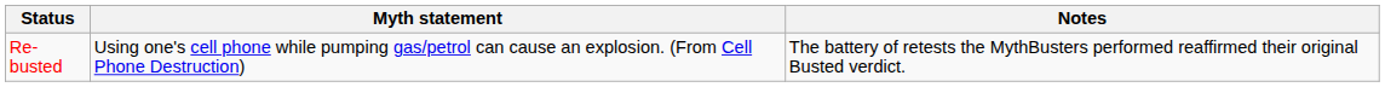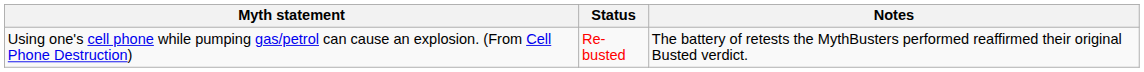 <table class="wikitable plainrowheaders">
 <tr>
+<th>Myth statement</th>
 <th>Status</th>
-<th>Myth statement</th>
 <th>Notes</th>
 </tr>
 <tr>
+<td>Using one's <a href='#'>cell phone</a> while pumping <a href='#'>gas/petrol</a> can cause an explosion. (From <a href='#'>Cell Phone Destruction</a>)</td>
 <td style="color:red">Re-busted</td>
-<td>Using one's <a href='#'>cell phone</a> while pumping <a href='#'>gas/petrol</a> can cause an explosion. (From <a href='#'>Cell Phone Destruction</a>)</td>
 <td>The battery of retests the MythBusters performed reaffirmed their original Busted verdict.</td>
 </tr>
 </table>
